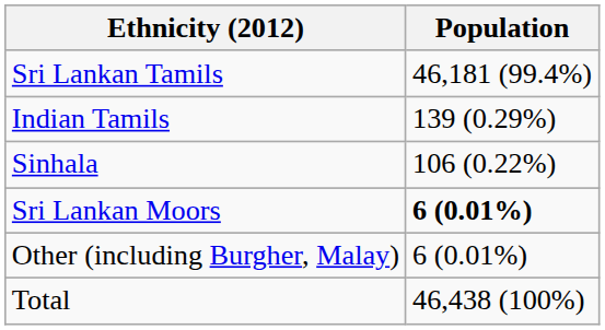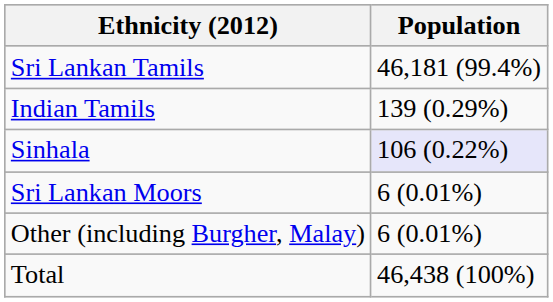 <table class="wikitable">
 <tr>
 <th>Ethnicity (2012)</th>
 <th>Population</th>
 </tr>
 <tr>
 <td><a href='#'>Sri Lankan Tamils</a></td>
 <td>46,181 (99.4%)</td>
 </tr>
 <tr>
 <td><a href='#'>Indian Tamils</a></td>
 <td>139 (0.29%)</td>
 </tr>
 <tr>
 <td><a href='#'>Sinhala</a></td>
-<td>106 (0.22%)</td>
+<td style="background: lavender;">106 (0.22%)</td>
 </tr>
 <tr>
 <td><a href='#'>Sri Lankan Moors</a></td>
-<td><strong>6 (0.01%)</strong></td>
+<td>6 (0.01%)</td>
 </tr>
 <tr>
 <td>Other (including <a href='#'>Burgher</a>, <a href='#'>Malay</a>)</td>
 <td>6 (0.01%)</td>
 </tr>
 <tr>
 <td>Total</td>
 <td>46,438 (100%)</td>
 </tr>
 </table>
